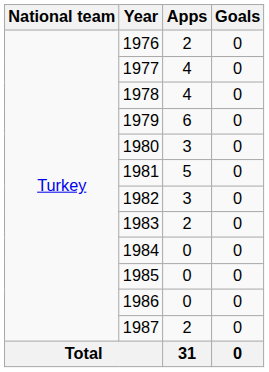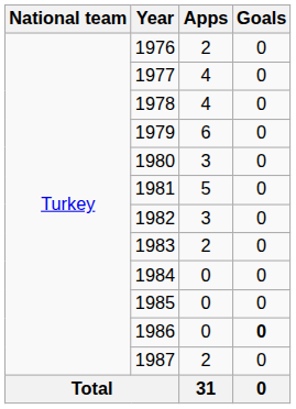 <table class="wikitable" style="text-align:center">
 <tr>
 <th>National team</th>
 <th>Year</th>
 <th>Apps</th>
 <th>Goals</th>
 </tr>
 <tr>
 <td rowspan="12"><a href='#'>Turkey</a></td>
 <td>1976</td>
 <td>2</td>
 <td>0</td>
 </tr>
 <tr>
 <td>1977</td>
 <td>4</td>
 <td>0</td>
 </tr>
 <tr>
 <td>1978</td>
 <td>4</td>
 <td>0</td>
 </tr>
 <tr>
 <td>1979</td>
 <td>6</td>
 <td>0</td>
 </tr>
 <tr>
 <td>1980</td>
 <td>3</td>
 <td>0</td>
 </tr>
 <tr>
 <td>1981</td>
 <td>5</td>
 <td>0</td>
 </tr>
 <tr>
 <td>1982</td>
 <td>3</td>
 <td>0</td>
 </tr>
 <tr>
 <td>1983</td>
 <td>2</td>
 <td>0</td>
 </tr>
 <tr>
 <td>1984</td>
 <td>0</td>
 <td>0</td>
 </tr>
 <tr>
 <td>1985</td>
 <td>0</td>
 <td>0</td>
 </tr>
 <tr>
 <td>1986</td>
 <td>0</td>
-<td>0</td>
+<td><strong>0</strong></td>
 </tr>
 <tr>
 <td>1987</td>
 <td>2</td>
 <td>0</td>
 </tr>
 <tr>
 <th colspan="2">Total</th>
 <th>31</th>
 <th>0</th>
 </tr>
 </table>
